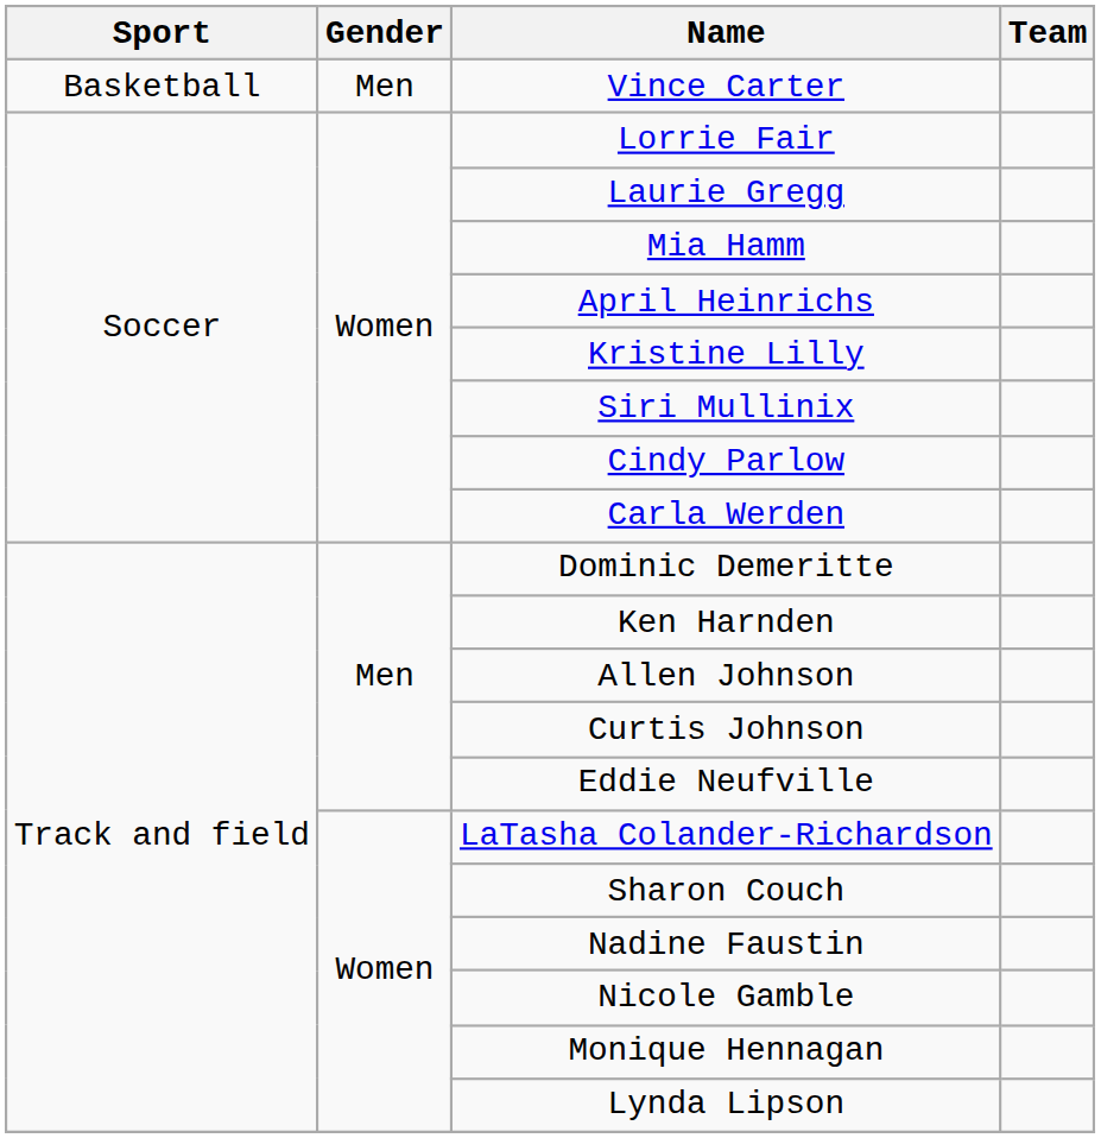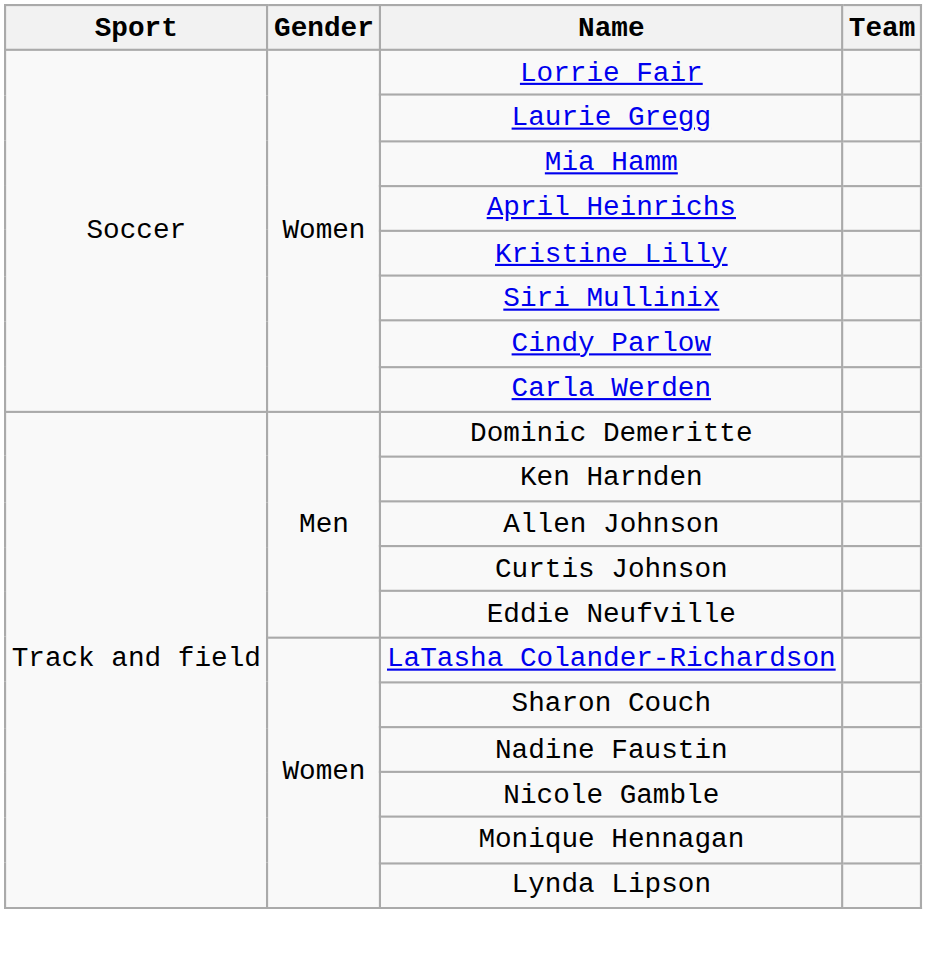 <table class="wikitable" style="text-align: center;">
 <tr>
 <th>Sport</th>
 <th>Gender</th>
 <th>Name</th>
 <th>Team</th>
-</tr>
-<tr>
-<td>Basketball</td>
-<td>Men</td>
-<td><a href='#'>Vince Carter</a></td>
-<td></td>
 </tr>
 <tr>
 <td rowspan="8">Soccer</td>
 <td rowspan="8">Women</td>
 <td><a href='#'>Lorrie Fair</a></td>
 <td></td>
 </tr>
 <tr>
 <td><a href='#'>Laurie Gregg</a></td>
 <td></td>
 </tr>
 <tr>
 <td><a href='#'>Mia Hamm</a></td>
 <td></td>
 </tr>
 <tr>
 <td><a href='#'>April Heinrichs</a></td>
 <td></td>
 </tr>
 <tr>
 <td><a href='#'>Kristine Lilly</a></td>
 <td></td>
 </tr>
 <tr>
 <td><a href='#'>Siri Mullinix</a></td>
 <td></td>
 </tr>
 <tr>
 <td><a href='#'>Cindy Parlow</a></td>
 <td></td>
 </tr>
 <tr>
 <td><a href='#'>Carla Werden</a></td>
 <td></td>
 </tr>
 <tr>
 <td rowspan="11">Track and field</td>
 <td rowspan="5">Men</td>
 <td>Dominic Demeritte</td>
 <td></td>
 </tr>
 <tr>
 <td>Ken Harnden</td>
 <td></td>
 </tr>
 <tr>
 <td>Allen Johnson</td>
 <td></td>
 </tr>
 <tr>
 <td>Curtis Johnson</td>
 <td></td>
 </tr>
 <tr>
 <td>Eddie Neufville</td>
 <td></td>
 </tr>
 <tr>
 <td rowspan="6">Women</td>
 <td><a href='#'>LaTasha Colander-Richardson</a></td>
 <td></td>
 </tr>
 <tr>
 <td>Sharon Couch</td>
 <td></td>
 </tr>
 <tr>
 <td>Nadine Faustin</td>
 <td></td>
 </tr>
 <tr>
 <td>Nicole Gamble</td>
 <td></td>
 </tr>
 <tr>
 <td>Monique Hennagan</td>
 <td></td>
 </tr>
 <tr>
 <td>Lynda Lipson</td>
 <td></td>
 </tr>
 <tr>
 </tr>
 </table>
